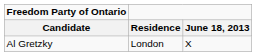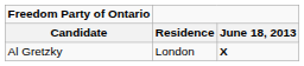 <table class="wikitable">
 <tr>
 <td style="text-align:center; background:"><strong>Freedom Party of Ontario</strong></td>
 </tr>
 <tr>
 <th align="left">Candidate</th>
 <th style="text-align:center;">Residence</th>
 <th align="left">June 18, 2013</th>
 </tr>
 <tr>
 <td>Al Gretzky</td>
 <td>London</td>
-<td>X</td>
+<td><strong>X</strong></td>
 </tr>
 </table>
